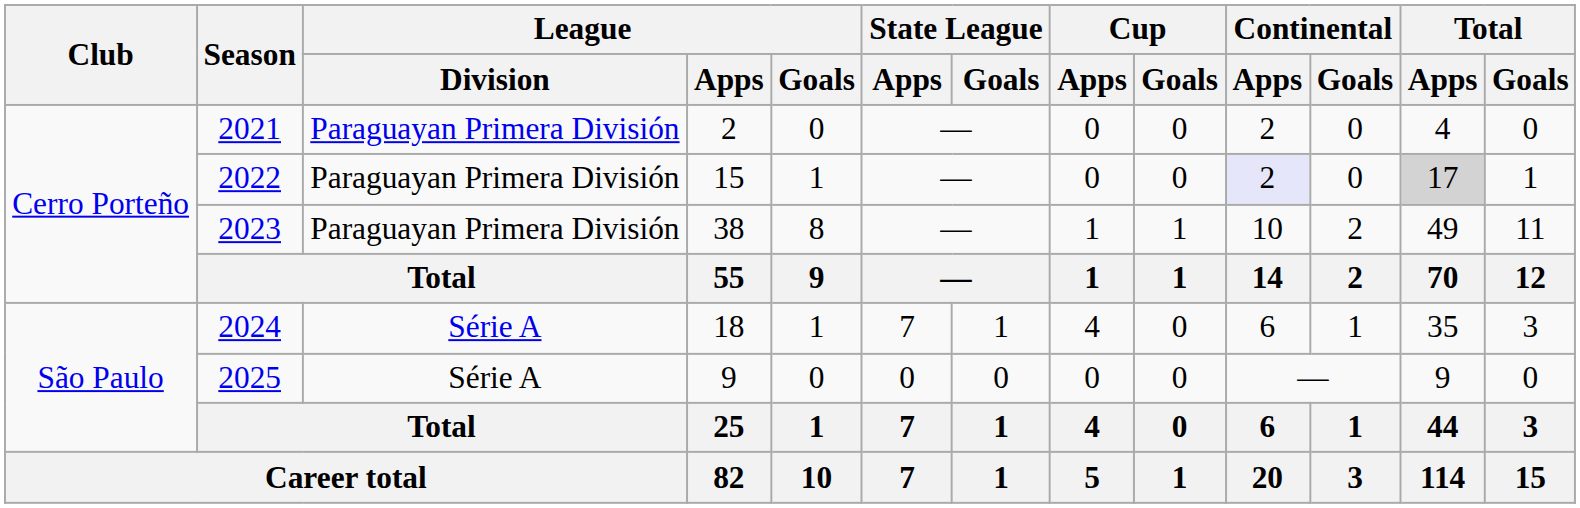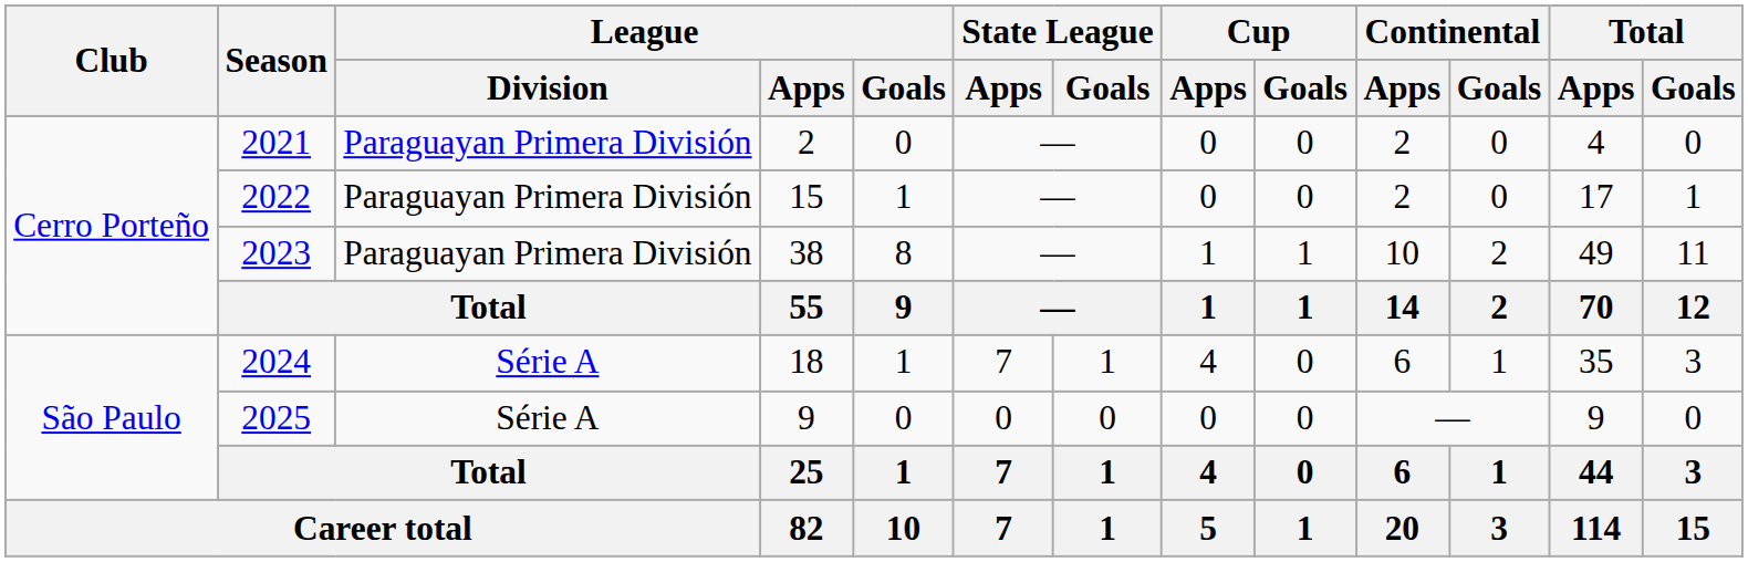 <table class="wikitable", style="text-align:center">
 <tr>
 <th rowspan="2">Club</th>
 <th rowspan="2">Season</th>
 <th colspan="3">League</th>
 <th colspan="2">State League</th>
 <th colspan="2">Cup</th>
 <th colspan="2">Continental</th>
 <th colspan="2">Total</th>
 </tr>
 <tr>
 <th>Division</th>
 <th>Apps</th>
 <th>Goals</th>
 <th>Apps</th>
 <th>Goals</th>
 <th>Apps</th>
 <th>Goals</th>
 <th>Apps</th>
 <th>Goals</th>
 <th>Apps</th>
 <th>Goals</th>
 </tr>
 <tr>
 <td rowspan="4"><a href='#'>Cerro Porteño</a></td>
 <td><a href='#'>2021</a></td>
 <td><a href='#'>Paraguayan Primera División</a></td>
 <td>2</td>
 <td>0</td>
 <td colspan="2">—</td>
 <td>0</td>
 <td>0</td>
 <td>2</td>
 <td>0</td>
 <td>4</td>
 <td>0</td>
 </tr>
 <tr>
 <td><a href='#'>2022</a></td>
 <td>Paraguayan Primera División</td>
 <td>15</td>
 <td>1</td>
 <td colspan="2">—</td>
 <td>0</td>
 <td>0</td>
-<td style="background: lavender;">2</td>
+<td>2</td>
 <td>0</td>
-<td style="background: lightgrey;">17</td>
+<td>17</td>
 <td>1</td>
 </tr>
 <tr>
 <td><a href='#'>2023</a></td>
 <td>Paraguayan Primera División</td>
 <td>38</td>
 <td>8</td>
 <td colspan="2">—</td>
 <td>1</td>
 <td>1</td>
 <td>10</td>
 <td>2</td>
 <td>49</td>
 <td>11</td>
 </tr>
 <tr>
 <th colspan="2">Total</th>
 <th>55</th>
 <th>9</th>
 <th colspan="2">—</th>
 <th>1</th>
 <th>1</th>
 <th>14</th>
 <th>2</th>
 <th>70</th>
 <th>12</th>
 </tr>
 <tr>
 <td rowspan="3"><a href='#'>São Paulo</a></td>
 <td><a href='#'>2024</a></td>
 <td><a href='#'>Série A</a></td>
 <td>18</td>
 <td>1</td>
 <td>7</td>
 <td>1</td>
 <td>4</td>
 <td>0</td>
 <td>6</td>
 <td>1</td>
 <td>35</td>
 <td>3</td>
 </tr>
 <tr>
 <td><a href='#'>2025</a></td>
 <td>Série A</td>
 <td>9</td>
 <td>0</td>
 <td>0</td>
 <td>0</td>
 <td>0</td>
 <td>0</td>
 <td colspan="2">—</td>
 <td>9</td>
 <td>0</td>
 </tr>
 <tr>
 <th colspan="2">Total</th>
 <th>25</th>
 <th>1</th>
 <th>7</th>
 <th>1</th>
 <th>4</th>
 <th>0</th>
 <th>6</th>
 <th>1</th>
 <th>44</th>
 <th>3</th>
 </tr>
 <tr>
 <th colspan="3">Career total</th>
 <th>82</th>
 <th>10</th>
 <th>7</th>
 <th>1</th>
 <th>5</th>
 <th>1</th>
 <th>20</th>
 <th>3</th>
 <th>114</th>
 <th>15</th>
 </tr>
 </table>
